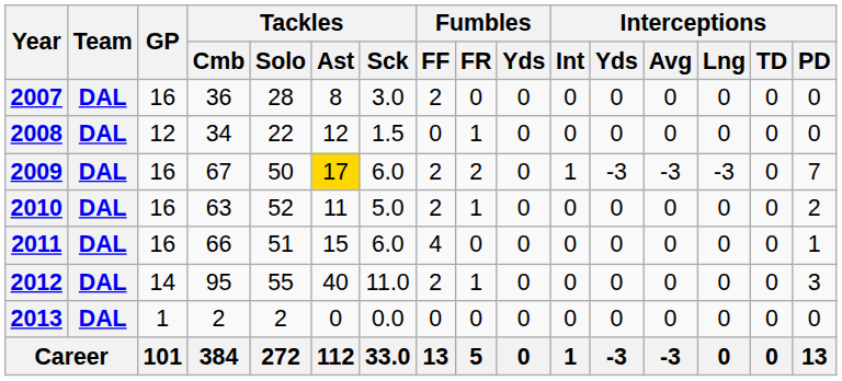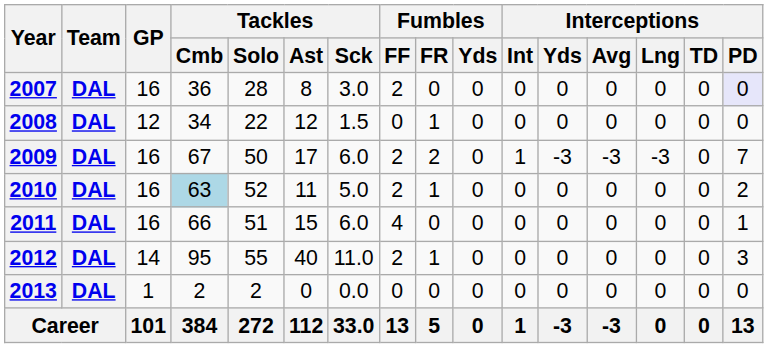 <table class="wikitable" style="text-align: center;">
 <tr>
 <th rowspan="2">Year</th>
 <th rowspan="2">Team</th>
 <th rowspan="2">GP</th>
 <th colspan="4">Tackles</th>
 <th colspan="3">Fumbles</th>
 <th colspan="6">Interceptions</th>
 </tr>
 <tr>
 <th>Cmb</th>
 <th>Solo</th>
 <th>Ast</th>
 <th>Sck</th>
 <th>FF</th>
 <th>FR</th>
 <th>Yds</th>
 <th>Int</th>
 <th>Yds</th>
 <th>Avg</th>
 <th>Lng</th>
 <th>TD</th>
 <th>PD</th>
 </tr>
 <tr>
 <th><a href='#'>2007</a></th>
 <th><a href='#'>DAL</a></th>
 <td>16</td>
 <td>36</td>
 <td>28</td>
 <td>8</td>
 <td>3.0</td>
 <td>2</td>
 <td>0</td>
 <td>0</td>
 <td>0</td>
 <td>0</td>
 <td>0</td>
 <td>0</td>
 <td>0</td>
-<td>0</td>
+<td style="background: lavender;">0</td>
 </tr>
 <tr>
 <th><a href='#'>2008</a></th>
 <th><a href='#'>DAL</a></th>
 <td>12</td>
 <td>34</td>
 <td>22</td>
 <td>12</td>
 <td>1.5</td>
 <td>0</td>
 <td>1</td>
 <td>0</td>
 <td>0</td>
 <td>0</td>
 <td>0</td>
 <td>0</td>
 <td>0</td>
 <td>0</td>
 </tr>
 <tr>
 <th><a href='#'>2009</a></th>
 <th><a href='#'>DAL</a></th>
 <td>16</td>
 <td>67</td>
 <td>50</td>
-<td style="background: gold;">17</td>
+<td>17</td>
 <td>6.0</td>
 <td>2</td>
 <td>2</td>
 <td>0</td>
 <td>1</td>
 <td>-3</td>
 <td>-3</td>
 <td>-3</td>
 <td>0</td>
 <td>7</td>
 </tr>
 <tr>
 <th><a href='#'>2010</a></th>
 <th><a href='#'>DAL</a></th>
 <td>16</td>
-<td>63</td>
+<td style="background: lightblue;">63</td>
 <td>52</td>
 <td>11</td>
 <td>5.0</td>
 <td>2</td>
 <td>1</td>
 <td>0</td>
 <td>0</td>
 <td>0</td>
 <td>0</td>
 <td>0</td>
 <td>0</td>
 <td>2</td>
 </tr>
 <tr>
 <th><a href='#'>2011</a></th>
 <th><a href='#'>DAL</a></th>
 <td>16</td>
 <td>66</td>
 <td>51</td>
 <td>15</td>
 <td>6.0</td>
 <td>4</td>
 <td>0</td>
 <td>0</td>
 <td>0</td>
 <td>0</td>
 <td>0</td>
 <td>0</td>
 <td>0</td>
 <td>1</td>
 </tr>
 <tr>
 <th><a href='#'>2012</a></th>
 <th><a href='#'>DAL</a></th>
 <td>14</td>
 <td>95</td>
 <td>55</td>
 <td>40</td>
 <td>11.0</td>
 <td>2</td>
 <td>1</td>
 <td>0</td>
 <td>0</td>
 <td>0</td>
 <td>0</td>
 <td>0</td>
 <td>0</td>
 <td>3</td>
 </tr>
 <tr>
 <th><a href='#'>2013</a></th>
 <th><a href='#'>DAL</a></th>
 <td>1</td>
 <td>2</td>
 <td>2</td>
 <td>0</td>
 <td>0.0</td>
 <td>0</td>
 <td>0</td>
 <td>0</td>
 <td>0</td>
 <td>0</td>
 <td>0</td>
 <td>0</td>
 <td>0</td>
 <td>0</td>
 </tr>
 <tr>
 <th colspan="2">Career</th>
 <th>101</th>
 <th>384</th>
 <th>272</th>
 <th>112</th>
 <th>33.0</th>
 <th>13</th>
 <th>5</th>
 <th>0</th>
 <th>1</th>
 <th>-3</th>
 <th>-3</th>
 <th>0</th>
 <th>0</th>
 <th>13</th>
 </tr>
 </table>
